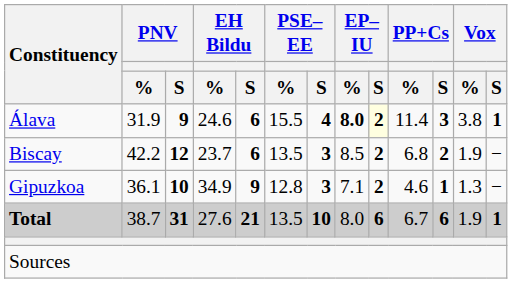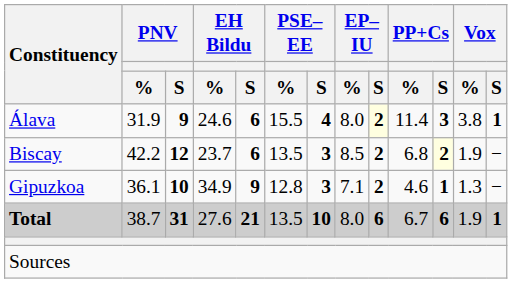 <table class="wikitable sortable" style="text-align:right; line-height:20px;">
 <tr>
 <th rowspan="3">Constituency</th>
 <th colspan="2" width="30px" class="unsortable"><a href='#'>PNV</a></th>
 <th colspan="2" width="30px" class="unsortable"><a href='#'>EH Bildu</a></th>
 <th colspan="2" width="30px" class="unsortable"><a href='#'>PSE–EE</a></th>
 <th colspan="2" width="30px" class="unsortable"><a href='#'>EP–IU</a></th>
 <th colspan="2" width="30px" class="unsortable"><a href='#'>PP+Cs</a></th>
 <th colspan="2" width="30px" class="unsortable"><a href='#'>Vox</a></th>
 </tr>
 <tr>
 <th colspan="2" style="background:"></th>
 <th colspan="2" style="background:"></th>
 <th colspan="2" style="background:"></th>
 <th colspan="2" style="background:"></th>
 <th colspan="2" style="background:"></th>
 <th colspan="2" style="background:"></th>
 </tr>
 <tr>
 <th data-sort-type="number">%</th>
 <th data-sort-type="number">S</th>
 <th data-sort-type="number">%</th>
 <th data-sort-type="number">S</th>
 <th data-sort-type="number">%</th>
 <th data-sort-type="number">S</th>
 <th data-sort-type="number">%</th>
 <th data-sort-type="number">S</th>
 <th data-sort-type="number">%</th>
 <th data-sort-type="number">S</th>
 <th data-sort-type="number">%</th>
 <th data-sort-type="number">S</th>
 </tr>
 <tr>
 <td align="left"><a href='#'>Álava</a></td>
 <td style="background:">31.9</td>
 <td><strong>9</strong></td>
 <td>24.6</td>
 <td><strong>6</strong></td>
 <td>15.5</td>
 <td><strong>4</strong></td>
-<td><strong>8.0</strong></td>
+<td>8.0</td>
 <td style="background: lightyellow;"><strong>2</strong></td>
 <td>11.4</td>
 <td><strong>3</strong></td>
 <td>3.8</td>
 <td><strong>1</strong></td>
 </tr>
 <tr>
 <td align="left"><a href='#'>Biscay</a></td>
 <td style="background:">42.2</td>
 <td><strong>12</strong></td>
 <td>23.7</td>
 <td><strong>6</strong></td>
 <td>13.5</td>
 <td><strong>3</strong></td>
 <td>8.5</td>
 <td><strong>2</strong></td>
 <td>6.8</td>
-<td><strong>2</strong></td>
+<td style="background: lightyellow;"><strong>2</strong></td>
 <td>1.9</td>
 <td>−</td>
 </tr>
 <tr>
 <td align="left"><a href='#'>Gipuzkoa</a></td>
 <td style="background:">36.1</td>
 <td><strong>10</strong></td>
 <td>34.9</td>
 <td><strong>9</strong></td>
 <td>12.8</td>
 <td><strong>3</strong></td>
 <td>7.1</td>
 <td><strong>2</strong></td>
 <td>4.6</td>
 <td><strong>1</strong></td>
 <td>1.3</td>
 <td>−</td>
 </tr>
 <tr style="background:#CDCDCD;">
 <td align="left"><strong>Total</strong></td>
 <td style="background:">38.7</td>
 <td><strong>31</strong></td>
 <td>27.6</td>
 <td><strong>21</strong></td>
 <td>13.5</td>
 <td><strong>10</strong></td>
 <td>8.0</td>
 <td><strong>6</strong></td>
 <td>6.7</td>
 <td><strong>6</strong></td>
 <td>1.9</td>
 <td><strong>1</strong></td>
 </tr>
 <tr>
 <th colspan="13"></th>
 </tr>
 <tr>
 <th style="text-align:left; font-weight:normal; background:#F9F9F9" colspan="13">Sources</th>
 </tr>
 </table>
